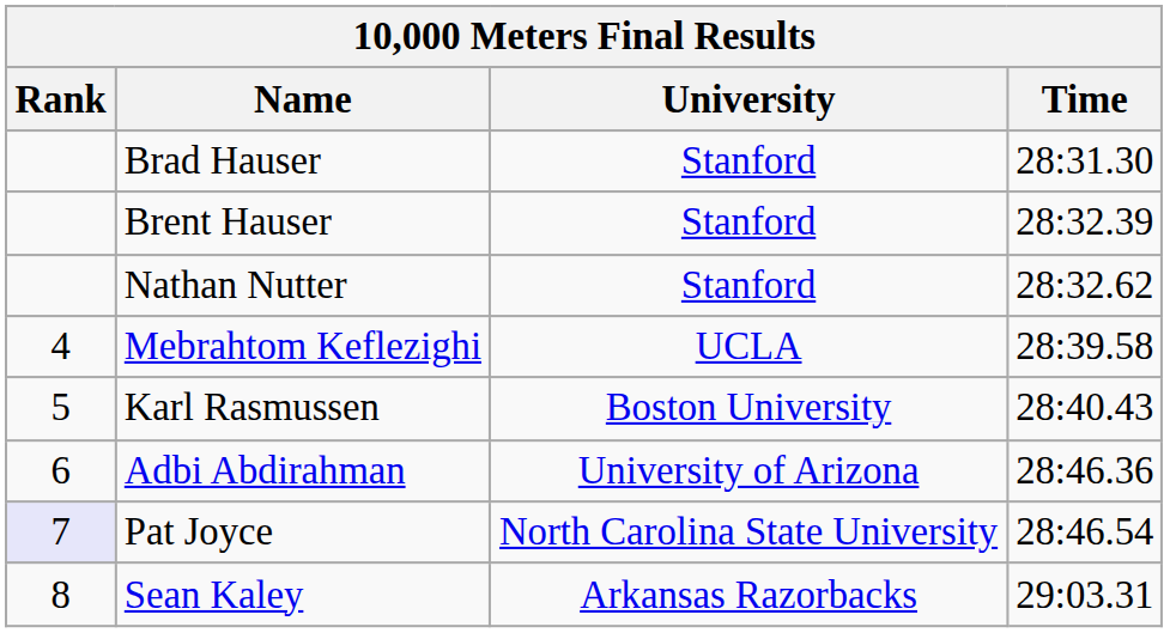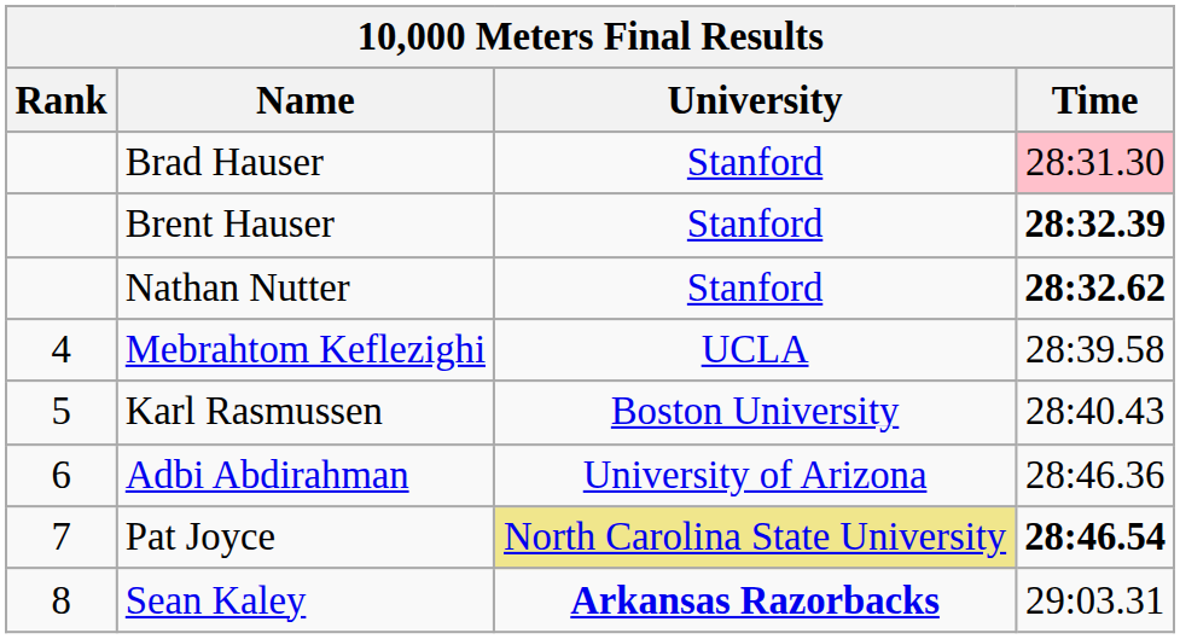 <table class="wikitable sortable" style="text-align:center">
 <tr>
 <th colspan="4">10,000 Meters Final Results</th>
 </tr>
 <tr>
 <th>Rank</th>
 <th>Name</th>
 <th>University</th>
 <th>Time</th>
 </tr>
 <tr>
 <td></td>
 <td align=left>Brad Hauser</td>
 <td><a href='#'>Stanford</a></td>
-<td>28:31.30</td>
+<td style="background: pink;">28:31.30</td>
 </tr>
 <tr>
 <td></td>
 <td align=left>Brent Hauser</td>
 <td><a href='#'>Stanford</a></td>
-<td>28:32.39</td>
+<td><strong>28:32.39</strong></td>
 </tr>
 <tr>
 <td></td>
 <td align=left>Nathan Nutter</td>
 <td><a href='#'>Stanford</a></td>
-<td>28:32.62</td>
+<td><strong>28:32.62</strong></td>
 </tr>
 <tr>
 <td>4</td>
 <td align=left><a href='#'>Mebrahtom Keflezighi</a></td>
 <td><a href='#'>UCLA</a></td>
 <td>28:39.58</td>
 </tr>
 <tr>
 <td>5</td>
 <td align=left>Karl Rasmussen</td>
 <td><a href='#'>Boston University</a></td>
 <td>28:40.43</td>
 </tr>
 <tr>
 <td>6</td>
 <td align=left><a href='#'>Adbi Abdirahman</a></td>
 <td><a href='#'>University of Arizona</a></td>
 <td>28:46.36</td>
 </tr>
 <tr>
-<td style="background: lavender;">7</td>
+<td>7</td>
 <td align=left>Pat Joyce</td>
-<td><a href='#'>North Carolina State University</a></td>
-<td>28:46.54</td>
+<td style="background: khaki;"><a href='#'>North Carolina State University</a></td>
+<td><strong>28:46.54</strong></td>
 </tr>
 <tr>
 <td>8</td>
 <td align=left><a href='#'>Sean Kaley</a></td>
-<td><a href='#'>Arkansas Razorbacks</a></td>
+<td><strong><a href='#'>Arkansas Razorbacks</a></strong></td>
 <td>29:03.31</td>
 </tr>
 </table>
